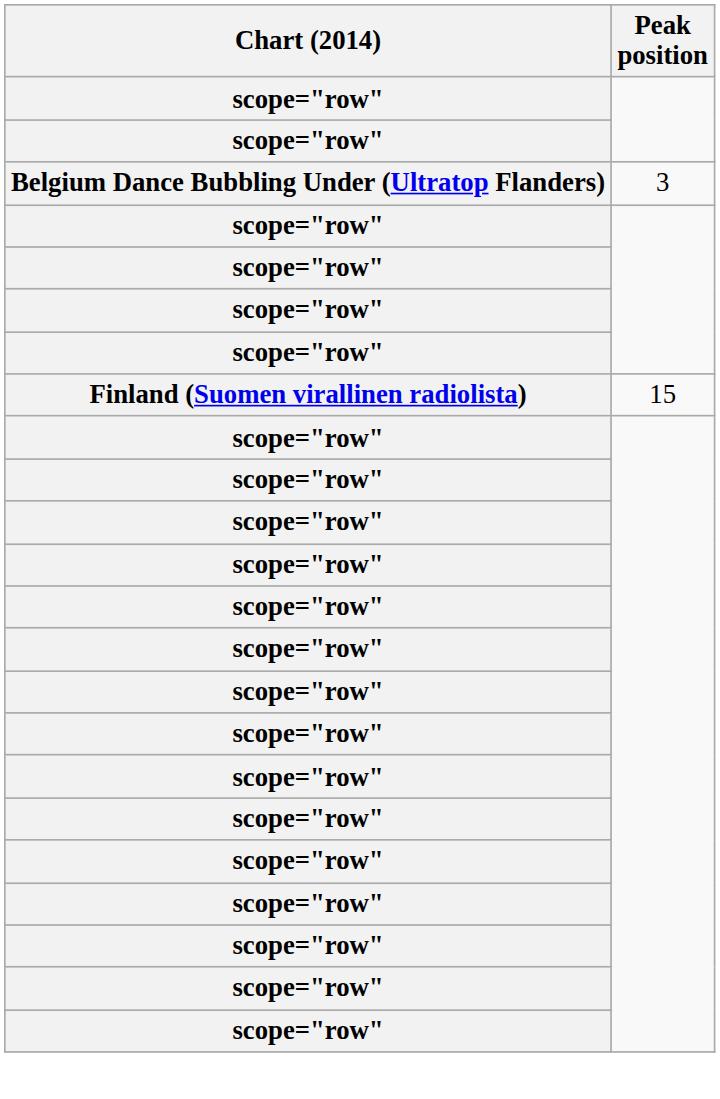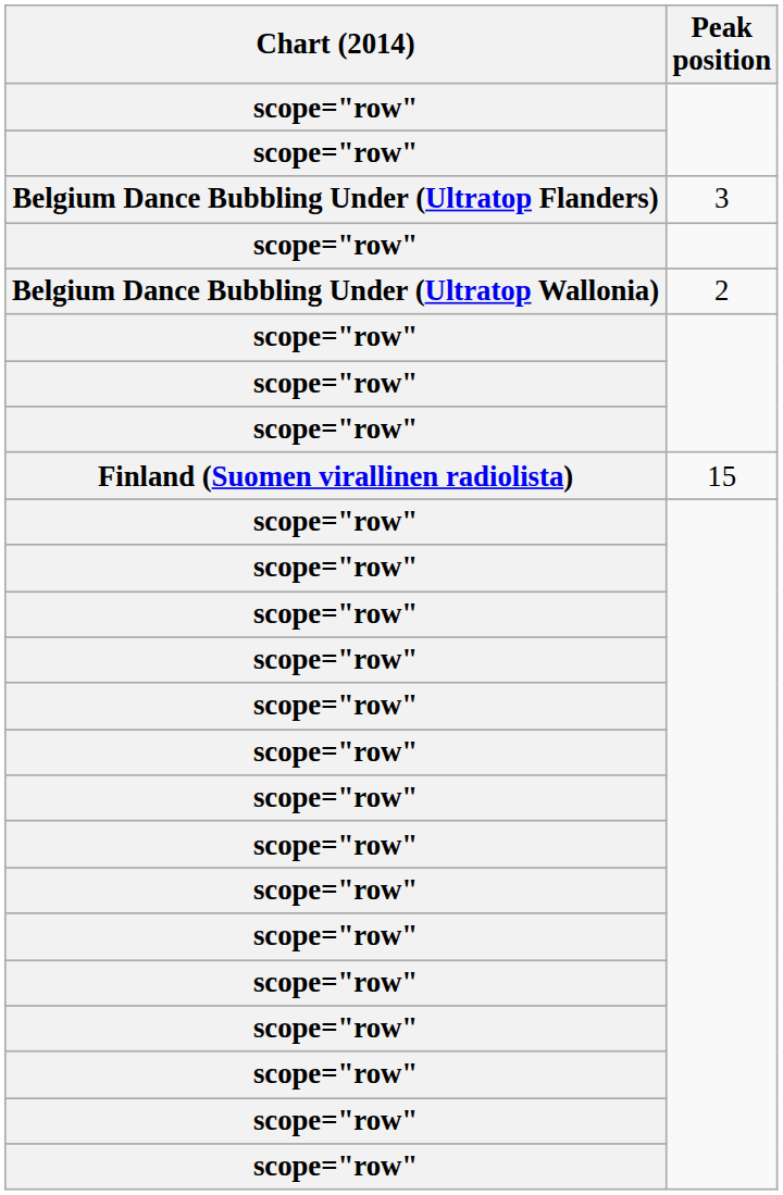 <table class="wikitable sortable plainrowheaders" style="text-align:center;">
 <tr>
 <th scope="col">Chart (2014)</th>
 <th scope="col">Peak<br>position</th>
 </tr>
 <tr>
 <th>scope="row"</th>
 </tr>
 <tr>
 <th>scope="row"</th>
 </tr>
 <tr>
 <th scope="row">Belgium Dance Bubbling Under (<a href='#'>Ultratop</a> Flanders)</th>
 <td>3</td>
 </tr>
 <tr>
 <th>scope="row"</th>
+</tr>
+<tr>
+<th scope="row">Belgium Dance Bubbling Under (<a href='#'>Ultratop</a> Wallonia)</th>
+<td>2</td>
 </tr>
 <tr>
 <th>scope="row"</th>
 </tr>
 <tr>
 <th>scope="row"</th>
 </tr>
 <tr>
 <th>scope="row"</th>
 </tr>
 <tr>
 <th scope="row">Finland (<a href='#'>Suomen virallinen radiolista</a>)</th>
 <td>15</td>
 </tr>
 <tr>
 <th>scope="row"</th>
 </tr>
 <tr>
 <th>scope="row"</th>
 </tr>
 <tr>
 <th>scope="row"</th>
 </tr>
 <tr>
 <th>scope="row"</th>
 </tr>
 <tr>
 <th>scope="row"</th>
 </tr>
 <tr>
 <th>scope="row"</th>
 </tr>
 <tr>
 <th>scope="row"</th>
 </tr>
 <tr>
 <th>scope="row"</th>
 </tr>
 <tr>
 <th>scope="row"</th>
 </tr>
 <tr>
 <th>scope="row"</th>
 </tr>
 <tr>
 <th>scope="row"</th>
 </tr>
 <tr>
 <th>scope="row"</th>
 </tr>
 <tr>
 <th>scope="row"</th>
 </tr>
 <tr>
 <th>scope="row"</th>
 </tr>
 <tr>
 <th>scope="row"</th>
 </tr>
 </table>
